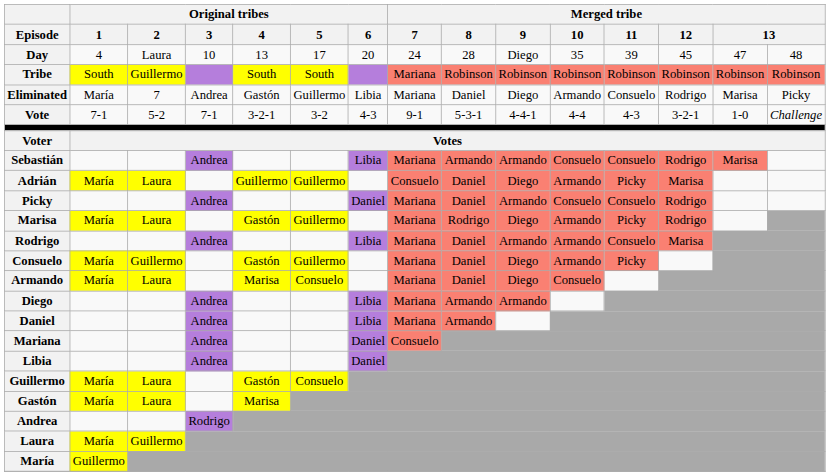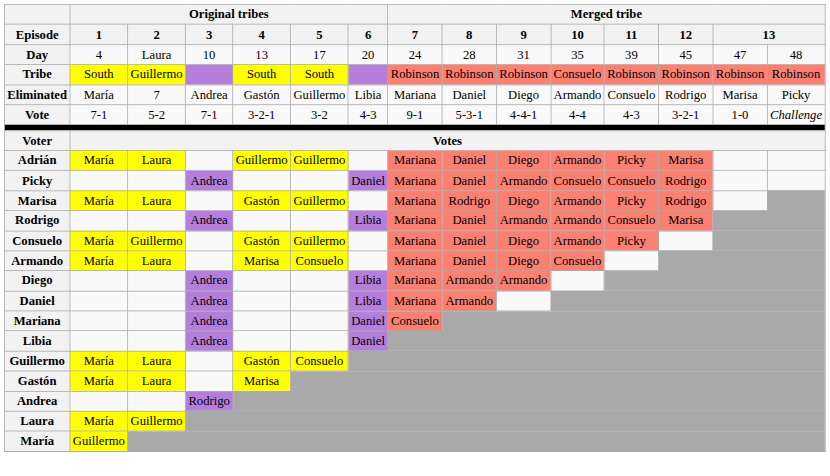 <table class="wikitable" style="text-align:center;">
 <tr>
 <th></th>
 <th colspan="6">Original tribes</th>
 <th colspan="8">Merged tribe</th>
 </tr>
 <tr>
 <th>Episode</th>
 <th>1</th>
 <th>2</th>
 <th>3</th>
 <th>4</th>
 <th>5</th>
 <th>6</th>
 <th>7</th>
 <th>8</th>
 <th>9</th>
 <th>10</th>
 <th>11</th>
 <th>12</th>
 <th colspan="2">13</th>
 </tr>
 <tr>
 <th>Day</th>
 <td>4</td>
 <td>Laura</td>
 <td>10</td>
 <td>13</td>
 <td>17</td>
 <td>20</td>
 <td>24</td>
 <td>28</td>
-<td>Diego</td>
+<td>31</td>
 <td>35</td>
 <td>39</td>
 <td>45</td>
 <td>47</td>
 <td>48</td>
 </tr>
 <tr>
 <th>Tribe</th>
 <td bgcolor="yellow">South</td>
 <td bgcolor="yellow">Guillermo</td>
 <td bgcolor="#b57edc"></td>
 <td bgcolor="yellow">South</td>
 <td bgcolor="yellow">South</td>
 <td bgcolor="#b57edc"></td>
-<td bgcolor="salmon">Mariana</td>
 <td bgcolor="salmon">Robinson</td>
 <td bgcolor="salmon">Robinson</td>
 <td bgcolor="salmon">Robinson</td>
+<td bgcolor="salmon">Consuelo</td>
 <td bgcolor="salmon">Robinson</td>
 <td bgcolor="salmon">Robinson</td>
 <td bgcolor="salmon">Robinson</td>
 <td bgcolor="salmon">Robinson</td>
 </tr>
 <tr>
 <th>Eliminated</th>
 <td>María</td>
 <td>7</td>
 <td>Andrea</td>
 <td>Gastón</td>
 <td>Guillermo</td>
 <td>Libia</td>
 <td>Mariana</td>
 <td>Daniel</td>
 <td>Diego</td>
 <td>Armando</td>
 <td>Consuelo</td>
 <td>Rodrigo</td>
 <td>Marisa</td>
 <td>Picky</td>
 </tr>
 <tr>
 <th>Vote</th>
 <td>7-1</td>
 <td>5-2</td>
 <td>7-1</td>
 <td>3-2-1</td>
 <td>3-2</td>
 <td>4-3</td>
 <td>9-1</td>
 <td>5-3-1</td>
 <td>4-4-1</td>
 <td>4-4</td>
 <td>4-3</td>
 <td>3-2-1</td>
 <td>1-0</td>
 <td><em>Challenge</em></td>
 </tr>
 <tr>
 <td bgcolor="black" colspan=15></td>
 </tr>
 <tr>
 <th>Voter</th>
 <th colspan=14>Votes</th>
 </tr>
 <tr>
-<th>Sebastián</th>
-<td></td>
-<td></td>
-<td bgcolor="#b57edc" >Andrea</td>
-<td></td>
-<td></td>
-<td bgcolor="#b57edc" >Libia</td>
-<td bgcolor="salmon">Mariana</td>
-<td bgcolor="salmon">Armando</td>
-<td bgcolor="salmon">Armando</td>
-<td bgcolor="salmon">Consuelo</td>
-<td bgcolor="salmon">Consuelo</td>
-<td bgcolor="salmon">Rodrigo</td>
-<td bgcolor="salmon">Marisa</td>
-<td></td>
-</tr>
-<tr>
 <th>Adrián</th>
 <td bgcolor="yellow">María</td>
 <td bgcolor="yellow">Laura</td>
 <td></td>
 <td bgcolor="yellow">Guillermo</td>
 <td bgcolor="yellow">Guillermo</td>
 <td></td>
-<td bgcolor="salmon">Consuelo</td>
+<td bgcolor="salmon">Mariana</td>
 <td bgcolor="salmon">Daniel</td>
 <td bgcolor="salmon">Diego</td>
 <td bgcolor="salmon">Armando</td>
 <td bgcolor="salmon">Picky</td>
 <td bgcolor="salmon">Marisa</td>
 <td></td>
 <td></td>
 </tr>
 <tr>
 <th>Picky</th>
 <td></td>
 <td></td>
 <td bgcolor="#b57edc" >Andrea</td>
 <td></td>
 <td></td>
 <td bgcolor="#b57edc" >Daniel</td>
 <td bgcolor="salmon">Mariana</td>
 <td bgcolor="salmon">Daniel</td>
 <td bgcolor="salmon">Armando</td>
 <td bgcolor="salmon">Consuelo</td>
 <td bgcolor="salmon">Consuelo</td>
 <td bgcolor="salmon">Rodrigo</td>
 <td></td>
 <td></td>
 </tr>
 <tr>
 <th>Marisa</th>
 <td bgcolor="yellow">María</td>
 <td bgcolor="yellow">Laura</td>
 <td></td>
 <td bgcolor="yellow">Gastón</td>
 <td bgcolor="yellow">Guillermo</td>
 <td></td>
 <td bgcolor="salmon">Mariana</td>
 <td bgcolor="salmon">Rodrigo</td>
 <td bgcolor="salmon">Diego</td>
 <td bgcolor="salmon">Armando</td>
 <td bgcolor="salmon">Picky</td>
 <td bgcolor="salmon">Rodrigo</td>
 <td></td>
 <td bgcolor="darkgrey"></td>
 </tr>
 <tr>
 <th>Rodrigo</th>
 <td></td>
 <td></td>
 <td bgcolor="#b57edc" >Andrea</td>
 <td></td>
 <td></td>
 <td bgcolor="#b57edc" >Libia</td>
 <td bgcolor="salmon">Mariana</td>
 <td bgcolor="salmon">Daniel</td>
 <td bgcolor="salmon">Armando</td>
 <td bgcolor="salmon">Armando</td>
 <td bgcolor="salmon">Consuelo</td>
 <td bgcolor="salmon">Marisa</td>
 <td bgcolor="darkgrey" colspan="2"></td>
 </tr>
 <tr>
 <th>Consuelo</th>
 <td bgcolor="yellow">María</td>
 <td bgcolor="yellow">Guillermo</td>
 <td></td>
 <td bgcolor="yellow">Gastón</td>
 <td bgcolor="yellow">Guillermo</td>
 <td></td>
 <td bgcolor="salmon">Mariana</td>
 <td bgcolor="salmon">Daniel</td>
 <td bgcolor="salmon">Diego</td>
 <td bgcolor="salmon">Armando</td>
 <td bgcolor="salmon">Picky</td>
 <td></td>
 <td bgcolor="darkgrey" colspan="2"></td>
 </tr>
 <tr>
 <th>Armando</th>
 <td bgcolor="yellow">María</td>
 <td bgcolor="yellow">Laura</td>
 <td></td>
 <td bgcolor="yellow">Marisa</td>
 <td bgcolor="yellow">Consuelo</td>
 <td></td>
 <td bgcolor="salmon">Mariana</td>
 <td bgcolor="salmon">Daniel</td>
 <td bgcolor="salmon">Diego</td>
 <td bgcolor="salmon">Consuelo</td>
 <td></td>
 <td bgcolor="darkgrey" colspan="3"></td>
 </tr>
 <tr>
 <th>Diego</th>
 <td></td>
 <td></td>
 <td bgcolor="#b57edc" >Andrea</td>
 <td></td>
 <td></td>
 <td bgcolor="#b57edc" >Libia</td>
 <td bgcolor="salmon">Mariana</td>
 <td bgcolor="salmon">Armando</td>
 <td bgcolor="salmon">Armando</td>
 <td></td>
 <td bgcolor="darkgrey" colspan="4"></td>
 </tr>
 <tr>
 <th>Daniel</th>
 <td></td>
 <td></td>
 <td bgcolor="#b57edc" >Andrea</td>
 <td></td>
 <td></td>
 <td bgcolor="#b57edc" >Libia</td>
 <td bgcolor="salmon">Mariana</td>
 <td bgcolor="salmon">Armando</td>
 <td></td>
 <td bgcolor="darkgrey" colspan="5"></td>
 </tr>
 <tr>
 <th>Mariana</th>
 <td></td>
 <td></td>
 <td bgcolor="#b57edc" >Andrea</td>
 <td></td>
 <td></td>
 <td bgcolor="#b57edc" >Daniel</td>
 <td bgcolor="salmon">Consuelo</td>
 <td bgcolor="darkgrey" colspan="7"></td>
 </tr>
 <tr>
 <th>Libia</th>
 <td></td>
 <td></td>
 <td bgcolor="#b57edc" >Andrea</td>
 <td></td>
 <td></td>
 <td bgcolor="#b57edc" >Daniel</td>
 <td bgcolor="darkgrey" colspan="8"></td>
 </tr>
 <tr>
 <th>Guillermo</th>
 <td bgcolor="yellow">María</td>
 <td bgcolor="yellow">Laura</td>
 <td></td>
 <td bgcolor="yellow">Gastón</td>
 <td bgcolor="yellow">Consuelo</td>
 <td bgcolor="darkgrey" colspan="9"></td>
 </tr>
 <tr>
 <th>Gastón</th>
 <td bgcolor="yellow">María</td>
 <td bgcolor="yellow">Laura</td>
 <td></td>
 <td bgcolor="yellow">Marisa</td>
 <td bgcolor="darkgrey" colspan="10"></td>
 </tr>
 <tr>
 <th>Andrea</th>
 <td></td>
 <td></td>
 <td bgcolor="#b57edc" >Rodrigo</td>
 <td bgcolor="darkgrey" colspan="11"></td>
 </tr>
 <tr>
 <th>Laura</th>
 <td bgcolor="yellow">María</td>
 <td bgcolor="yellow">Guillermo</td>
 <td bgcolor="darkgrey" colspan="12"></td>
 </tr>
 <tr>
 <th>María</th>
 <td bgcolor="yellow">Guillermo</td>
 <td bgcolor="darkgrey" colspan="13"></td>
 </tr>
 <tr>
 </tr>
 </table>
